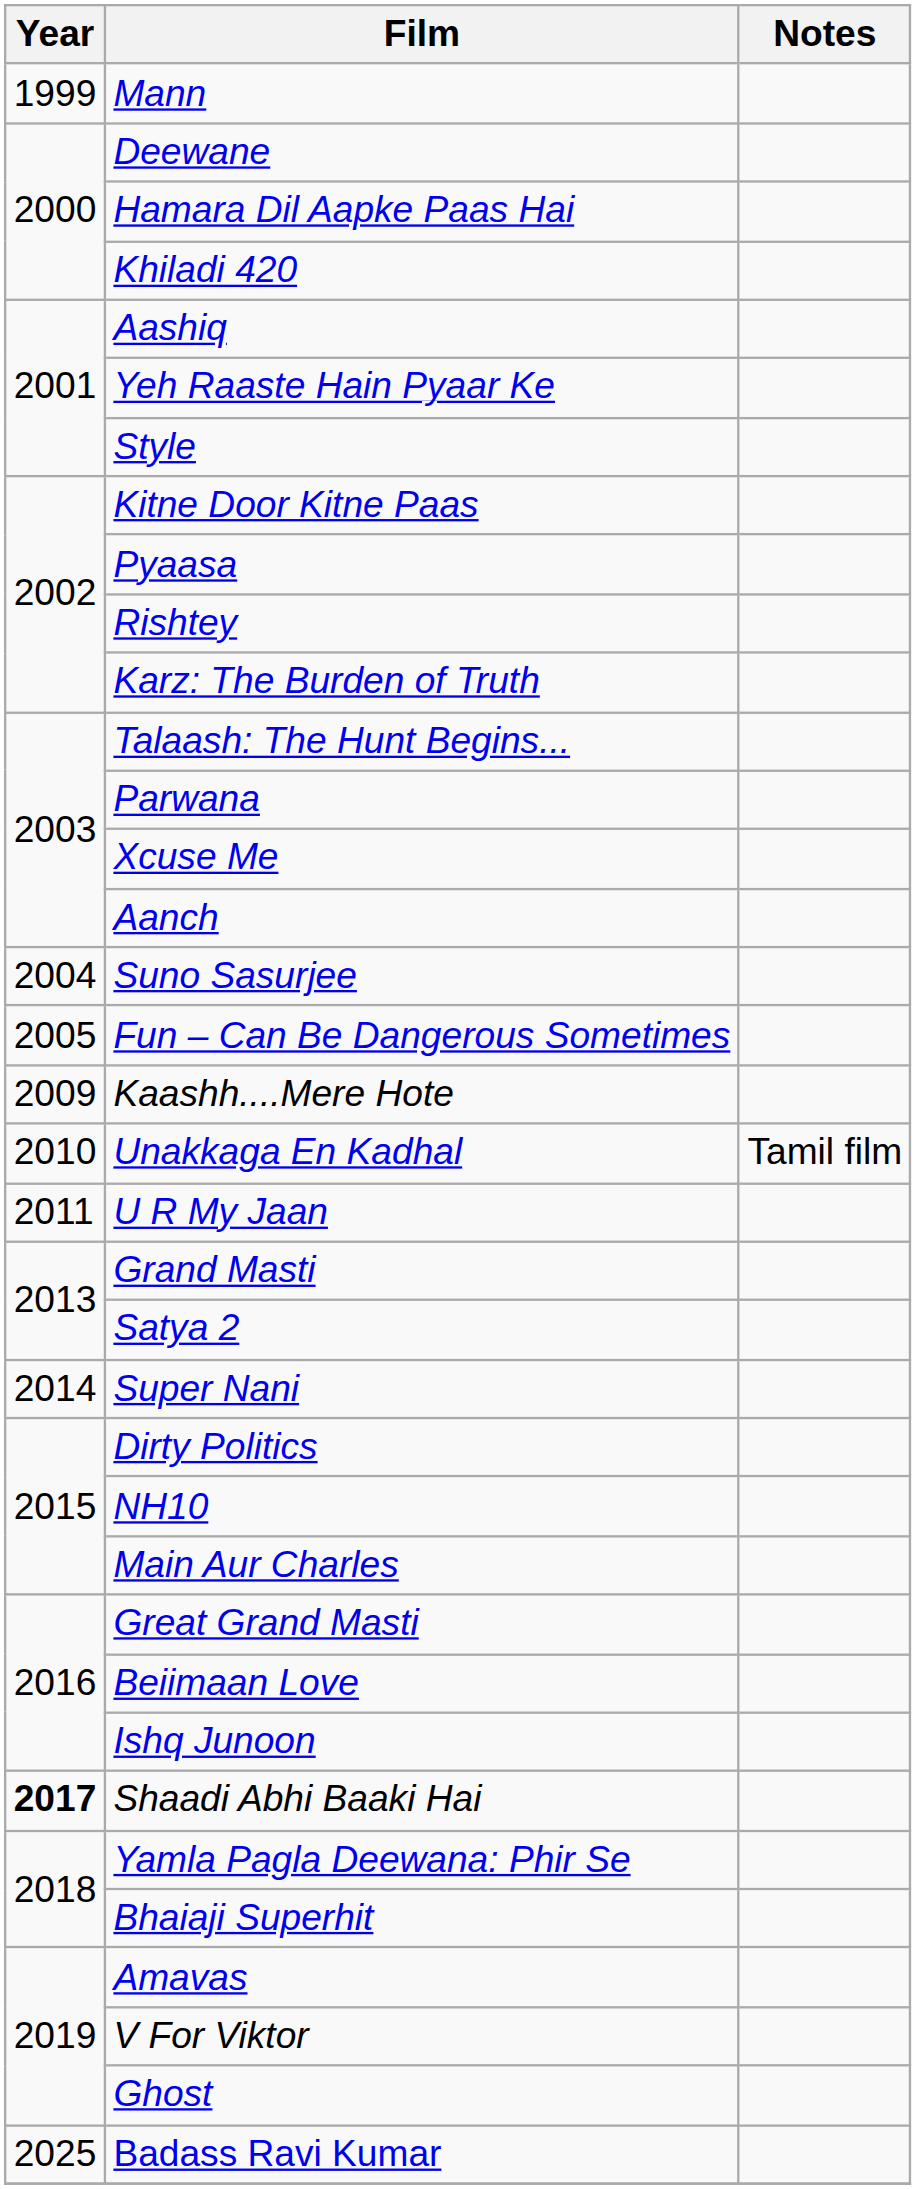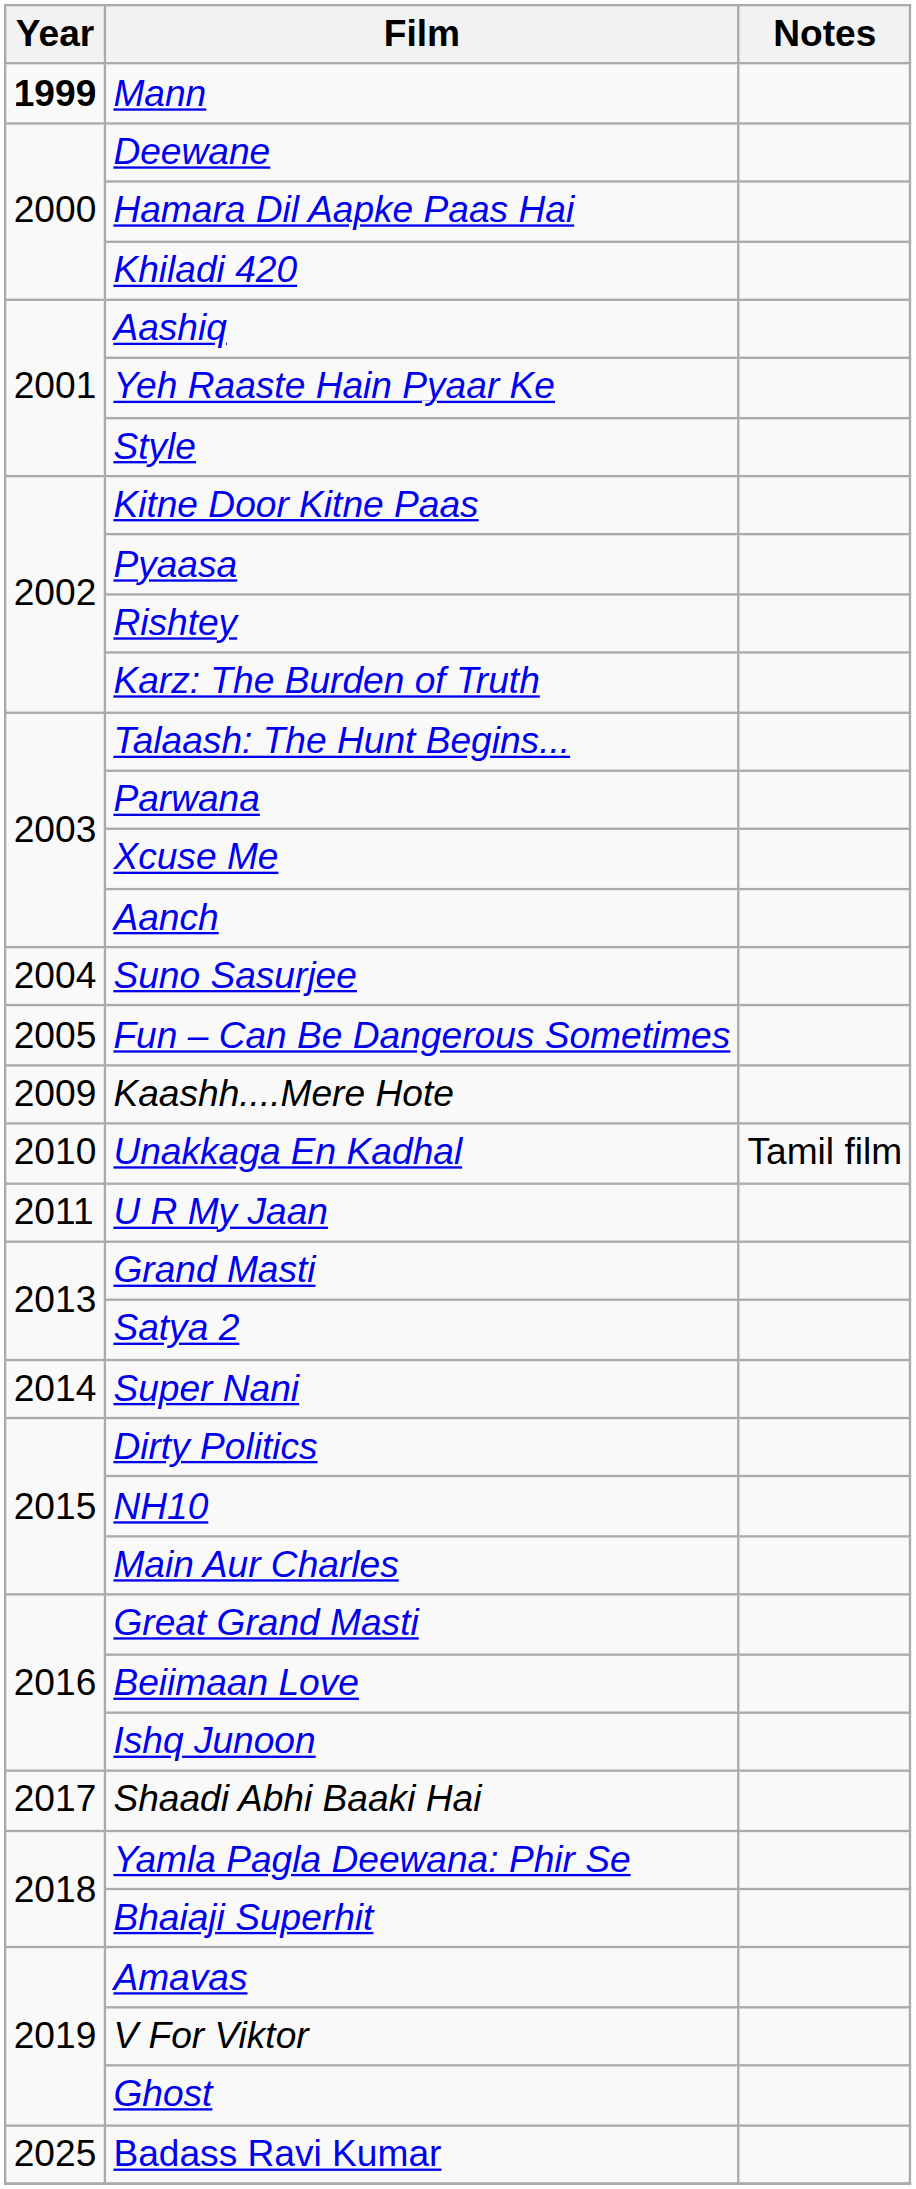 <table class="wikitable">
 <tr>
 <th>Year</th>
 <th>Film</th>
 <th>Notes</th>
 </tr>
 <tr>
-<td rowspan="1">1999</td>
+<td rowspan="1"><strong>1999</strong></td>
 <td><em><a href='#'>Mann</a></em></td>
 <td></td>
 </tr>
 <tr>
 <td rowspan="3">2000</td>
 <td><em><a href='#'>Deewane</a></em></td>
 <td></td>
 </tr>
 <tr>
 <td><em><a href='#'>Hamara Dil Aapke Paas Hai</a></em></td>
 <td></td>
 </tr>
 <tr>
 <td><em><a href='#'>Khiladi 420</a></em></td>
 <td></td>
 </tr>
 <tr>
 <td rowspan="3">2001</td>
 <td><em><a href='#'>Aashiq</a></em></td>
 <td></td>
 </tr>
 <tr>
 <td><em><a href='#'>Yeh Raaste Hain Pyaar Ke</a></em></td>
 <td></td>
 </tr>
 <tr>
 <td><em><a href='#'>Style</a></em></td>
 <td></td>
 </tr>
 <tr>
 <td rowspan="4">2002</td>
 <td><em><a href='#'>Kitne Door Kitne Paas</a></em></td>
 <td></td>
 </tr>
 <tr>
 <td><em><a href='#'>Pyaasa</a></em></td>
 <td></td>
 </tr>
 <tr>
 <td><em><a href='#'>Rishtey</a></em></td>
 <td></td>
 </tr>
 <tr>
 <td><em><a href='#'>Karz: The Burden of Truth</a></em></td>
 <td></td>
 </tr>
 <tr>
 <td rowspan="4">2003</td>
 <td><em><a href='#'>Talaash: The Hunt Begins...</a></em></td>
 <td></td>
 </tr>
 <tr>
 <td><em><a href='#'>Parwana</a></em></td>
 <td></td>
 </tr>
 <tr>
 <td><em><a href='#'>Xcuse Me</a></em></td>
 <td></td>
 </tr>
 <tr>
 <td><em><a href='#'>Aanch</a></em></td>
 <td></td>
 </tr>
 <tr>
 <td rowspan="1">2004</td>
 <td><em><a href='#'>Suno Sasurjee</a></em></td>
 <td></td>
 </tr>
 <tr>
 <td>2005</td>
 <td><em><a href='#'>Fun – Can Be Dangerous Sometimes</a></em></td>
 <td></td>
 </tr>
 <tr>
 <td>2009</td>
 <td><em>Kaashh....Mere Hote</em></td>
 <td></td>
 </tr>
 <tr>
 <td rowspan="1">2010</td>
 <td><em><a href='#'>Unakkaga En Kadhal</a></em></td>
 <td>Tamil film</td>
 </tr>
 <tr>
 <td rowspan="1">2011</td>
 <td><em><a href='#'>U R My Jaan</a></em></td>
 <td></td>
 </tr>
 <tr>
 <td rowspan="2">2013</td>
 <td><em><a href='#'>Grand Masti</a></em></td>
 <td></td>
 </tr>
 <tr>
 <td><em><a href='#'>Satya 2</a></em></td>
 <td></td>
 </tr>
 <tr>
 <td>2014</td>
 <td><em><a href='#'>Super Nani</a></em></td>
 <td></td>
 </tr>
 <tr>
 <td rowspan="3">2015</td>
 <td><em><a href='#'>Dirty Politics</a></em></td>
 <td></td>
 </tr>
 <tr>
 <td><em><a href='#'>NH10</a></em></td>
 <td></td>
 </tr>
 <tr>
 <td><em><a href='#'>Main Aur Charles</a></em></td>
 <td></td>
 </tr>
 <tr>
 <td rowspan="3">2016</td>
 <td><em><a href='#'>Great Grand Masti</a></em></td>
 <td></td>
 </tr>
 <tr>
 <td><em><a href='#'>Beiimaan Love</a></em></td>
 <td></td>
 </tr>
 <tr>
 <td><em><a href='#'>Ishq Junoon</a></em></td>
 <td></td>
 </tr>
 <tr>
-<td><strong>2017</strong></td>
+<td>2017</td>
 <td><em>Shaadi Abhi Baaki Hai</em></td>
 <td></td>
 </tr>
 <tr>
 <td rowspan="2">2018</td>
 <td><em><a href='#'>Yamla Pagla Deewana: Phir Se</a></em></td>
 <td></td>
 </tr>
 <tr>
 <td><em><a href='#'>Bhaiaji Superhit</a></em></td>
 <td></td>
 </tr>
 <tr>
 <td rowspan="3">2019</td>
 <td><em><a href='#'>Amavas</a></em></td>
 <td></td>
 </tr>
 <tr>
 <td><em>V For Viktor</em></td>
 <td></td>
 </tr>
 <tr>
 <td><em><a href='#'>Ghost</a></em></td>
 <td></td>
 </tr>
 <tr>
 <td>2025</td>
 <td><a href='#'>Badass Ravi Kumar</a></td>
 <td></td>
 </tr>
 <tr>
 </tr>
 </table>
